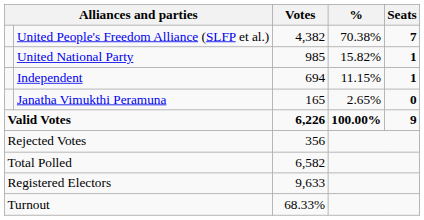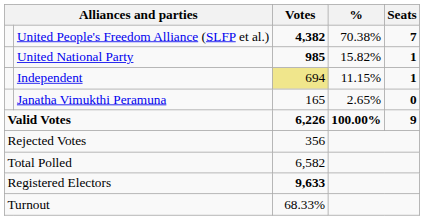 <table class="wikitable" border="1" style="text-align:right;">
 <tr>
 <th valign=bottom align=left colspan=2>Alliances and parties</th>
 <th valign=bottom align=center width="60">Votes</th>
 <th valign=bottom align=center width="50">%</th>
 <th valign=bottom align=center>Seats</th>
 </tr>
 <tr>
 <td bgcolor=> </td>
 <td align=left><a href='#'>United People's Freedom Alliance</a> (<a href='#'>SLFP</a> et al.)</td>
-<td>4,382</td>
+<td><strong>4,382</strong></td>
 <td>70.38%</td>
 <td><strong>7</strong></td>
 </tr>
 <tr>
 <td bgcolor=> </td>
 <td align=left><a href='#'>United National Party</a></td>
-<td>985</td>
+<td><strong>985</strong></td>
 <td>15.82%</td>
 <td><strong>1</strong></td>
 </tr>
 <tr>
 <td></td>
 <td align=left><a href='#'>Independent</a></td>
-<td>694</td>
+<td style="background: khaki;">694</td>
 <td>11.15%</td>
 <td><strong>1</strong></td>
 </tr>
 <tr>
 <td bgcolor=> </td>
 <td align=left><a href='#'>Janatha Vimukthi Peramuna</a></td>
 <td>165</td>
 <td>2.65%</td>
 <td><strong>0</strong></td>
 </tr>
 <tr>
 <td colspan=2 align=left><strong>Valid Votes</strong></td>
 <td><strong>6,226</strong></td>
 <td><strong>100.00%</strong></td>
 <td><strong>9</strong></td>
 </tr>
 <tr>
 <td colspan=2 align=left>Rejected Votes</td>
 <td>356</td>
 <td colspan=2></td>
 </tr>
 <tr>
 <td colspan=2 align=left>Total Polled</td>
 <td>6,582</td>
 <td colspan=2></td>
 </tr>
 <tr>
 <td colspan=2 align=left>Registered Electors</td>
-<td>9,633</td>
+<td><strong>9,633</strong></td>
 <td colspan=2></td>
 </tr>
 <tr>
 <td colspan=2 align=left>Turnout</td>
 <td>68.33%</td>
 <td colspan=2></td>
 </tr>
 </table>
